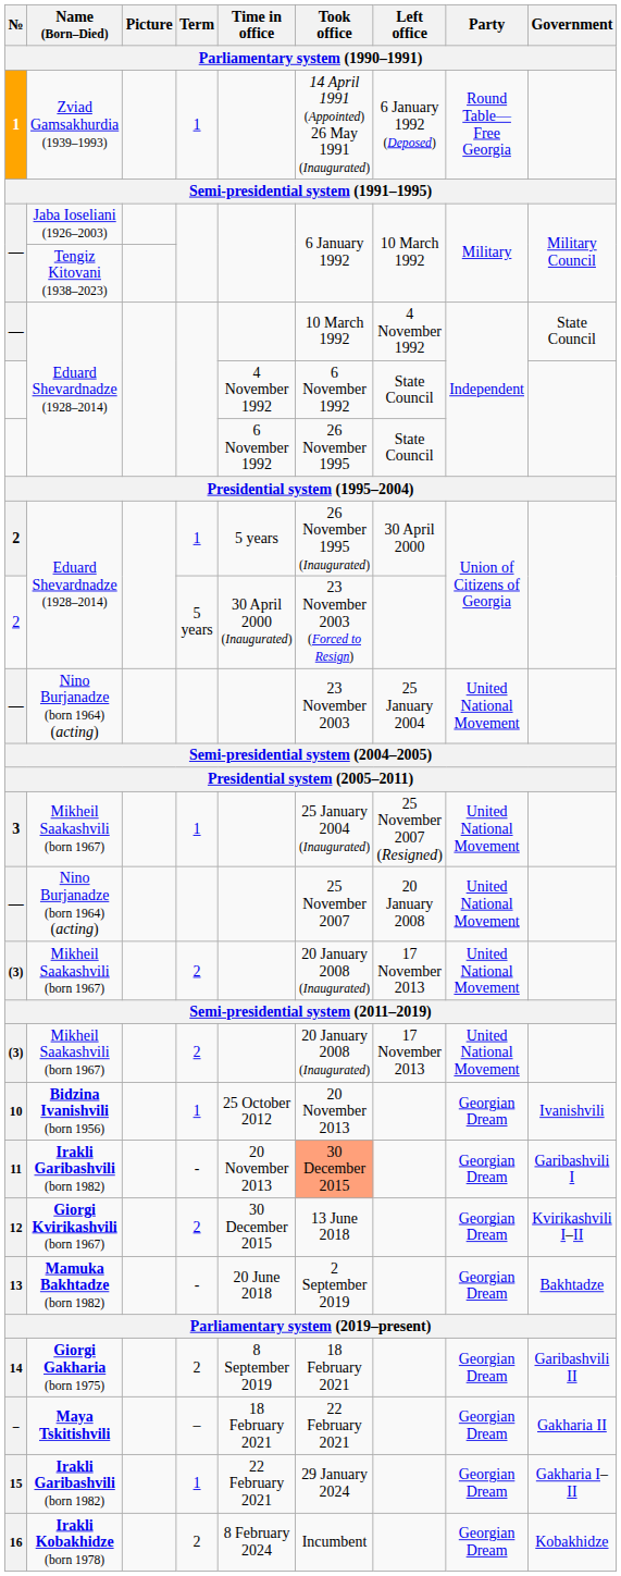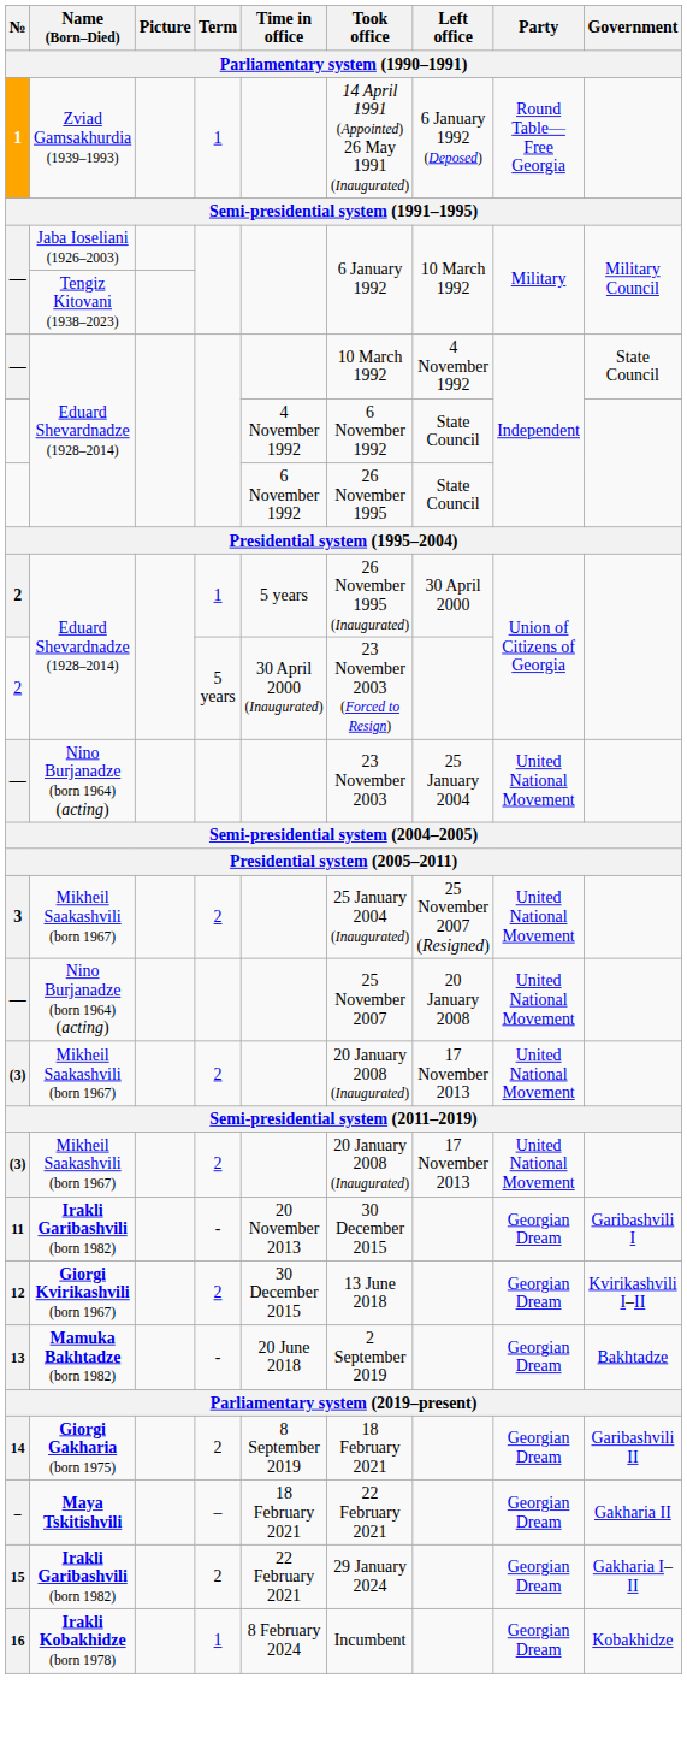 <table class="wikitable" style="text-align:center">
 <tr>
 <th>№</th>
 <th>Name<br><small>(Born–Died)</small></th>
 <th width="100px">Picture</th>
 <th>Term</th>
 <th>Time in office</th>
 <th>Took office</th>
 <th>Left office</th>
 <th>Party</th>
 <th>Government</th>
 </tr>
 <tr>
 <th colspan="9"><a href='#'>Parliamentary system</a> (1990–1991)</th>
 </tr>
 <tr>
 <th style="background:Orange; color:white;">1</th>
 <td><a href='#'>Zviad Gamsakhurdia</a><br><small>(1939–1993)</small></td>
 <td></td>
 <td><a href='#'>1</a></td>
 <td></td>
 <td><em>14 April 1991</em><br><small>(<em>Appointed</em>)</small><br>26 May 1991<br><small>(<em>Inaugurated</em>)</small></td>
 <td>6 January 1992<br><small>(<em><a href='#'>Deposed</a></em>)</small></td>
 <td><a href='#'>Round Table—Free Georgia</a></td>
 <td></td>
 </tr>
 <tr>
 <th colspan="9"><a href='#'>Semi-presidential system</a> (1991–1995)</th>
 </tr>
 <tr>
 <th rowspan=2 style="background:">—</th>
 <td><a href='#'>Jaba Ioseliani</a><br><small>(1926–2003)</small></td>
 <td></td>
 <td rowspan=2></td>
 <td rowspan="2"></td>
 <td rowspan=2>6 January 1992</td>
 <td rowspan=2>10 March 1992</td>
 <td rowspan=2><a href='#'>Military</a></td>
 <td rowspan=2><a href='#'>Military Council</a></td>
 </tr>
 <tr>
 <td><a href='#'>Tengiz Kitovani</a><br><small>(1938–2023)</small></td>
 <td></td>
 </tr>
 <tr>
 <th style="background:">—</th>
 <td rowspan="3"><a href='#'>Eduard Shevardnadze</a><br><small>(1928–2014)</small></td>
 <td rowspan="3"></td>
 <td rowspan="3"></td>
 <td></td>
 <td>10 March 1992</td>
 <td>4 November 1992</td>
 <td rowspan="3"><a href='#'>Independent</a></td>
 <td>State Council</td>
 </tr>
 <tr>
 <td></td>
 <td>4 November 1992</td>
 <td>6 November 1992</td>
 <td>State Council</td>
 </tr>
 <tr>
 <td></td>
 <td>6 November 1992</td>
 <td>26 November 1995</td>
 <td>State Council</td>
 </tr>
 <tr>
 <th colspan="9"><a href='#'>Presidential system</a> (1995–2004)</th>
 </tr>
 <tr>
 <th style="background:">2</th>
 <td rowspan="2"><a href='#'>Eduard Shevardnadze</a><br><small>(1928–2014)</small></td>
 <td rowspan="2"></td>
 <td><a href='#'>1</a></td>
 <td>5 years</td>
 <td>26 November 1995<br><small>(<em>Inaugurated</em>)</small></td>
 <td>30 April 2000</td>
 <td rowspan="2"><a href='#'>Union of Citizens of Georgia</a></td>
 <td rowspan="2"></td>
 </tr>
 <tr>
 <td><a href='#'>2</a></td>
 <td>5 years</td>
 <td>30 April 2000<br><small>(<em>Inaugurated</em>)</small></td>
 <td>23 November 2003<br><small>(<em><a href='#'>Forced to Resign</a></em>)</small></td>
 </tr>
 <tr>
 <th style="background:">—</th>
 <td><a href='#'>Nino Burjanadze</a><br><small>(born 1964)</small><br>(<em>acting</em>)</td>
 <td></td>
 <td></td>
 <td></td>
 <td>23 November 2003</td>
 <td>25 January 2004</td>
 <td><a href='#'>United National Movement</a></td>
 <td></td>
 </tr>
 <tr>
 <th colspan="9"><a href='#'>Semi-presidential system</a> (2004–2005)</th>
 </tr>
 <tr>
 <th colspan="9"><a href='#'>Presidential system</a> (2005–2011)</th>
 </tr>
 <tr>
 <th style="background:">3</th>
 <td><a href='#'>Mikheil Saakashvili</a><br><small>(born 1967)</small></td>
 <td></td>
-<td><a href='#'>1</a></td>
+<td><a href='#'>2</a></td>
 <td></td>
 <td>25 January 2004<br><small>(<em>Inaugurated</em>)</small></td>
 <td>25 November 2007 (<em>Resigned</em>)</td>
 <td><a href='#'>United National Movement</a></td>
 <td></td>
 </tr>
 <tr>
 <th style="background:">—</th>
 <td><a href='#'>Nino Burjanadze</a><br><small>(born 1964)</small><br>(<em>acting</em>)</td>
 <td></td>
 <td></td>
 <td></td>
 <td>25 November 2007</td>
 <td>20 January 2008</td>
 <td><a href='#'>United National Movement</a></td>
 <td></td>
 </tr>
 <tr>
 <th style="background:"><small>(3)</small></th>
 <td><a href='#'>Mikheil Saakashvili</a><br><small>(born 1967)</small></td>
 <td></td>
 <td><a href='#'>2</a></td>
 <td></td>
 <td>20 January 2008<br><small>(<em>Inaugurated</em>)</small></td>
 <td>17 November 2013</td>
 <td><a href='#'>United National Movement</a></td>
 <td></td>
 </tr>
 <tr>
 <th colspan="9"><a href='#'>Semi-presidential system</a> (2011–2019)</th>
 </tr>
 <tr>
 <th style="background:"><small>(3)</small></th>
 <td><a href='#'>Mikheil Saakashvili</a><br><small>(born 1967)</small></td>
 <td></td>
 <td><a href='#'>2</a></td>
 <td></td>
 <td>20 January 2008<br><small>(<em>Inaugurated</em>)</small></td>
 <td>17 November 2013</td>
 <td><a href='#'>United National Movement</a></td>
 <td></td>
 </tr>
 <tr>
-<th style="background:"><small>10</small></th>
-<td><strong><a href='#'>Bidzina Ivanishvili</a></strong><br><small>(born 1956)</small></td>
-<td></td>
-<td><a href='#'>1</a></td>
-<td>25 October 2012</td>
-<td>20 November 2013</td>
-<td></td>
-<td><a href='#'>Georgian Dream</a></td>
-<td><a href='#'>Ivanishvili</a></td>
-</tr>
-<tr>
 <th style="background:"><small>11</small></th>
 <td><strong><a href='#'>Irakli Garibashvili</a></strong><br><small>(born 1982)</small></td>
 <td></td>
 <td>-</td>
 <td>20 November 2013</td>
-<td style="background: lightsalmon;">30 December 2015</td>
+<td>30 December 2015</td>
 <td></td>
 <td><a href='#'>Georgian Dream</a></td>
 <td><a href='#'>Garibashvili I</a></td>
 </tr>
 <tr>
 <th style="background:"><small>12</small></th>
 <td><strong><a href='#'>Giorgi Kvirikashvili</a></strong><br><small>(born 1967)</small></td>
 <td></td>
 <td><a href='#'>2</a></td>
 <td>30 December 2015</td>
 <td>13 June 2018</td>
 <td></td>
 <td><a href='#'>Georgian Dream</a></td>
 <td><a href='#'>Kvirikashvili I</a>–<a href='#'>II</a></td>
 </tr>
 <tr>
 <th style="background:"><small>13</small></th>
 <td><strong><a href='#'>Mamuka Bakhtadze</a></strong><br><small>(born 1982)</small></td>
 <td></td>
 <td>-</td>
 <td>20 June 2018</td>
 <td>2 September 2019</td>
 <td></td>
 <td><a href='#'>Georgian Dream</a></td>
 <td><a href='#'>Bakhtadze</a></td>
 </tr>
 <tr>
 <th colspan="9"><a href='#'>Parliamentary system</a> (2019–present)</th>
 </tr>
 <tr>
 <th style="background:"><small>14</small></th>
 <td><strong><a href='#'>Giorgi Gakharia</a></strong><br><small>(born 1975)</small></td>
 <td></td>
 <td>2</td>
 <td>8 September 2019</td>
 <td>18 February 2021</td>
 <td></td>
 <td><a href='#'>Georgian Dream</a></td>
 <td><a href='#'>Garibashvili II</a></td>
 </tr>
 <tr>
 <th style="background:"><small>–</small></th>
 <td><strong><a href='#'>Maya Tskitishvili</a></strong><br></td>
 <td></td>
 <td>–</td>
 <td>18 February 2021</td>
 <td>22 February 2021</td>
 <td></td>
 <td><a href='#'>Georgian Dream</a></td>
 <td><a href='#'>Gakharia II</a></td>
 </tr>
 <tr>
 <th style="background:"><small>15</small></th>
 <td><strong><a href='#'>Irakli Garibashvili</a></strong><br><small>(born 1982)</small></td>
 <td></td>
-<td><a href='#'>1</a></td>
+<td>2</td>
 <td>22 February 2021</td>
 <td>29 January 2024</td>
 <td></td>
 <td><a href='#'>Georgian Dream</a></td>
 <td><a href='#'>Gakharia I</a>–<a href='#'>II</a></td>
 </tr>
 <tr>
 <th style="background:"><small>16</small></th>
 <td><strong><a href='#'>Irakli Kobakhidze</a></strong><br><small>(born 1978)</small></td>
 <td></td>
-<td>2</td>
+<td><a href='#'>1</a></td>
 <td>8 February 2024</td>
 <td>Incumbent</td>
 <td></td>
 <td><a href='#'>Georgian Dream</a></td>
 <td><a href='#'>Kobakhidze</a></td>
 </tr>
 </table>
